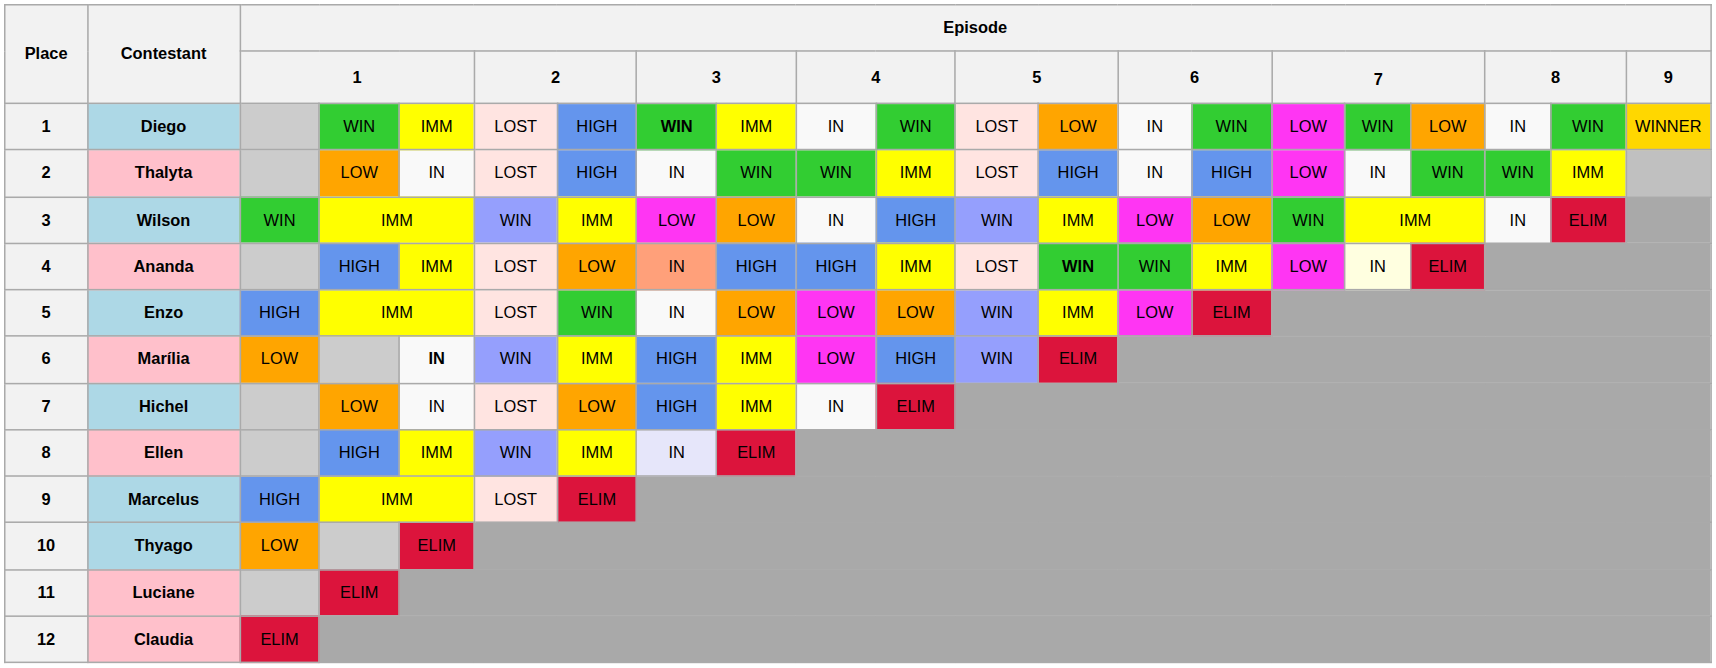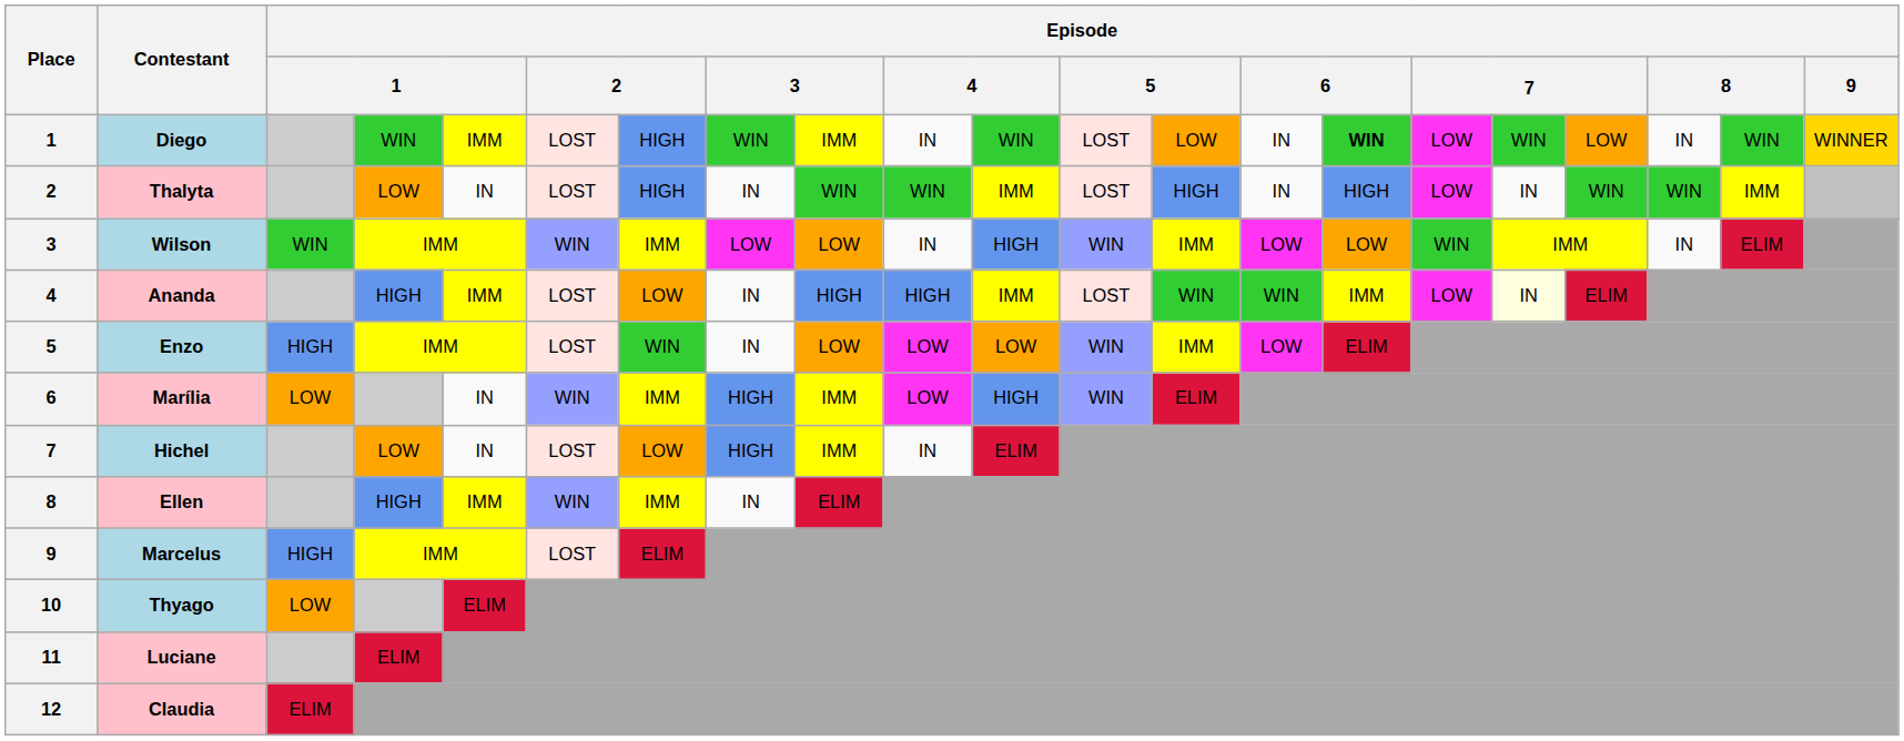 <table class="wikitable" style="text-align: center; font-size: 8pt; line-height: 25px; width:70%">
 <tr>
 <th rowspan=02>Place</th>
 <th rowspan=02>Contestant</th>
 <th colspan="19">Episode</th>
 </tr>
 <tr>
 <th colspan=3>1</th>
 <th colspan=2>2</th>
 <th colspan=2>3</th>
 <th colspan=2>4</th>
 <th colspan=2>5</th>
 <th colspan=2>6</th>
 <th colspan=3>7<sup></sup></th>
 <th colspan=2>8</th>
 <th>9</th>
 </tr>
 <tr>
 <th>1</th>
 <td style="background:#ADD8E6"><strong>Diego</strong></td>
 <td bgcolor="CCCCCC"></td>
 <td bgcolor="32CD32">WIN</td>
 <td bgcolor="FFFF00">IMM</td>
 <td bgcolor="FFE4E1">LOST</td>
 <td bgcolor="6495ED">HIGH</td>
-<td bgcolor="32CD32"><strong>WIN</strong></td>
+<td bgcolor="32CD32">WIN</td>
 <td bgcolor="FFFF00">IMM</td>
 <td>IN</td>
 <td bgcolor="32CD32">WIN</td>
 <td bgcolor="FFE4E1">LOST</td>
 <td bgcolor="FFA500">LOW</td>
 <td>IN</td>
-<td bgcolor="32CD32">WIN</td>
+<td bgcolor="32CD32"><strong>WIN</strong></td>
 <td bgcolor="FF35F3">LOW</td>
 <td bgcolor="32CD32">WIN</td>
 <td bgcolor="FFA500">LOW</td>
 <td>IN</td>
 <td bgcolor="32CD32">WIN</td>
 <td width=50 bgcolor=FFD700>WINNER</td>
 </tr>
 <tr>
 <th>2</th>
 <td style="background:#FFC0CB"><strong>Thalyta</strong></td>
 <td bgcolor="CCCCCC"></td>
 <td bgcolor="FFA500">LOW</td>
 <td>IN</td>
 <td bgcolor="FFE4E1">LOST</td>
 <td bgcolor="6495ED">HIGH</td>
 <td>IN</td>
 <td bgcolor="32CD32">WIN</td>
 <td bgcolor="32CD32">WIN</td>
 <td bgcolor="FFFF00">IMM</td>
 <td bgcolor="FFE4E1">LOST</td>
 <td bgcolor="6495ED">HIGH</td>
 <td>IN</td>
 <td bgcolor="6495ED">HIGH</td>
 <td bgcolor="FF35F3">LOW</td>
 <td>IN</td>
 <td bgcolor="32CD32">WIN</td>
 <td bgcolor="32CD32">WIN</td>
 <td bgcolor="FFFF00">IMM</td>
 <td bgcolor=C0C0C0></td>
 </tr>
 <tr>
 <th>3</th>
 <td style="background:#ADD8E6"><strong>Wilson</strong></td>
 <td bgcolor="32CD32">WIN</td>
 <td colspan="2" bgcolor="FFFF00">IMM</td>
 <td bgcolor="959FFD">WIN</td>
 <td bgcolor="FFFF00">IMM</td>
 <td bgcolor="FF35F3">LOW</td>
 <td bgcolor="FFA500">LOW</td>
 <td>IN</td>
 <td bgcolor="6495ED">HIGH</td>
 <td bgcolor="959FFD">WIN</td>
 <td bgcolor="FFFF00">IMM</td>
 <td bgcolor="FF35F3">LOW</td>
 <td bgcolor="FFA500">LOW</td>
 <td bgcolor="32CD32">WIN</td>
 <td colspan="2" bgcolor="FFFF00">IMM</td>
 <td>IN</td>
 <td bgcolor="DC143C">ELIM</td>
 <td bgcolor="A9A9A9"></td>
 </tr>
 <tr>
 <th>4</th>
 <td style="background:#FFC0CB"><strong>Ananda</strong></td>
 <td bgcolor="CCCCCC"></td>
 <td bgcolor="6495ED">HIGH</td>
 <td bgcolor="FFFF00">IMM</td>
 <td bgcolor="FFE4E1">LOST</td>
 <td bgcolor="FFA500">LOW</td>
-<td style="background: lightsalmon;">IN</td>
+<td>IN</td>
 <td bgcolor="6495ED">HIGH</td>
 <td bgcolor="6495ED">HIGH</td>
 <td bgcolor="FFFF00">IMM</td>
 <td bgcolor="FFE4E1">LOST</td>
-<td bgcolor="32CD32"><strong>WIN</strong></td>
+<td bgcolor="32CD32">WIN</td>
 <td bgcolor="32CD32">WIN</td>
 <td bgcolor="FFFF00">IMM</td>
 <td bgcolor="FF35F3">LOW</td>
 <td style="background: lightyellow;">IN</td>
 <td bgcolor="DC143C">ELIM</td>
 <td colspan="3" bgcolor="A9A9A9"></td>
 </tr>
 <tr>
 <th>5</th>
 <td style="background:#ADD8E6"><strong>Enzo</strong></td>
 <td bgcolor="6495ED">HIGH</td>
 <td colspan="2" bgcolor="FFFF00">IMM</td>
 <td bgcolor="FFE4E1">LOST</td>
 <td bgcolor="32CD32">WIN</td>
 <td>IN</td>
 <td bgcolor="FFA500">LOW</td>
 <td bgcolor="FF35F3">LOW</td>
 <td bgcolor="FFA500">LOW</td>
 <td bgcolor="959FFD">WIN</td>
 <td bgcolor="FFFF00">IMM</td>
 <td bgcolor="FF35F3">LOW</td>
 <td bgcolor=DC143C>ELIM</td>
 <td colspan="6" bgcolor="A9A9A9"></td>
 </tr>
 <tr>
 <th>6</th>
 <td style="background:#FFC0CB"><strong>Marília</strong></td>
 <td bgcolor=FFA500>LOW</td>
 <td bgcolor="CCCCCC"></td>
-<td><strong>IN</strong></td>
+<td>IN</td>
 <td bgcolor="959FFD">WIN</td>
 <td bgcolor=FFFF00>IMM</td>
 <td bgcolor=6495ED>HIGH</td>
 <td bgcolor=FFFF00>IMM</td>
 <td bgcolor=FF35F3>LOW</td>
 <td bgcolor=6495ED>HIGH</td>
 <td bgcolor="959FFD">WIN</td>
 <td bgcolor=DC143C>ELIM</td>
 <td colspan="8" bgcolor="A9A9A9"></td>
 </tr>
 <tr>
 <th>7</th>
 <td style="background:#ADD8E6"><strong>Hichel</strong></td>
 <td bgcolor="CCCCCC"></td>
 <td bgcolor="FFA500">LOW</td>
 <td>IN</td>
 <td bgcolor="FFE4E1">LOST</td>
 <td bgcolor="FFA500">LOW</td>
 <td bgcolor="6495ED">HIGH</td>
 <td bgcolor="FFFF00">IMM</td>
 <td>IN</td>
 <td bgcolor=DC143C>ELIM</td>
 <td colspan="10" bgcolor="A9A9A9"></td>
 </tr>
 <tr>
 <th>8</th>
 <td style="background:#FFC0CB"><strong>Ellen</strong></td>
 <td bgcolor="CCCCCC"></td>
 <td bgcolor="6495ED">HIGH</td>
 <td bgcolor="FFFF00">IMM</td>
 <td bgcolor="959FFD">WIN</td>
 <td bgcolor="FFFF00">IMM</td>
-<td style="background: lavender;">IN</td>
+<td>IN</td>
 <td bgcolor=DC143C>ELIM</td>
 <td colspan="12" bgcolor="A9A9A9"></td>
 </tr>
 <tr>
 <th>9</th>
 <td style="background:#ADD8E6"><strong>Marcelus</strong></td>
 <td bgcolor="6495ED">HIGH</td>
 <td colspan="2" bgcolor="FFFF00">IMM</td>
 <td bgcolor="FFE4E1">LOST</td>
 <td bgcolor=DC143C>ELIM</td>
 <td colspan="14" bgcolor="A9A9A9"></td>
 </tr>
 <tr>
 <th>10</th>
 <td style="background:#ADD8E6"><strong>Thyago</strong></td>
 <td bgcolor=FFA500>LOW</td>
 <td bgcolor="CCCCCC"></td>
 <td bgcolor=DC143C>ELIM</td>
 <td colspan="16" bgcolor="A9A9A9"></td>
 </tr>
 <tr>
 <th>11</th>
 <td style="background:#FFC0CB"><strong>Luciane</strong></td>
 <td bgcolor="CCCCCC"></td>
 <td bgcolor=DC143C>ELIM</td>
 <td colspan="17" bgcolor="A9A9A9"></td>
 </tr>
 <tr>
 <th>12</th>
 <td style="background:#FFC0CB"><strong>Claudia</strong></td>
 <td bgcolor=DC143C>ELIM</td>
 <td colspan="18" bgcolor="A9A9A9"></td>
 </tr>
 </table>
